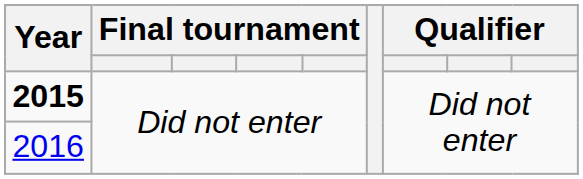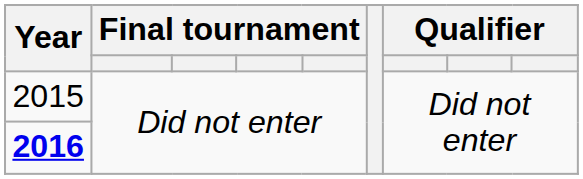 <table class="wikitable" style="text-align: center;">
 <tr>
 <th rowspan=2>Year</th>
 <th colspan=4>Final tournament</th>
 <th rowspan=4></th>
 <th colspan=3>Qualifier</th>
 </tr>
 <tr>
 <th></th>
 <th width=25px></th>
 <th width=25px></th>
 <th width=25px></th>
 <th width=25px></th>
 <th width=25px></th>
 <th width=25px></th>
 </tr>
 <tr>
-<td><strong> 2015</strong></td>
+<td> 2015</td>
 <td colspan=4 rowspan=2><em>Did not enter</em></td>
 <td colspan=3 rowspan=2><em>Did not enter</em></td>
 </tr>
 <tr>
-<td> <a href='#'>2016</a></td>
+<td><strong> <a href='#'>2016</a></strong></td>
 </tr>
 </table>
